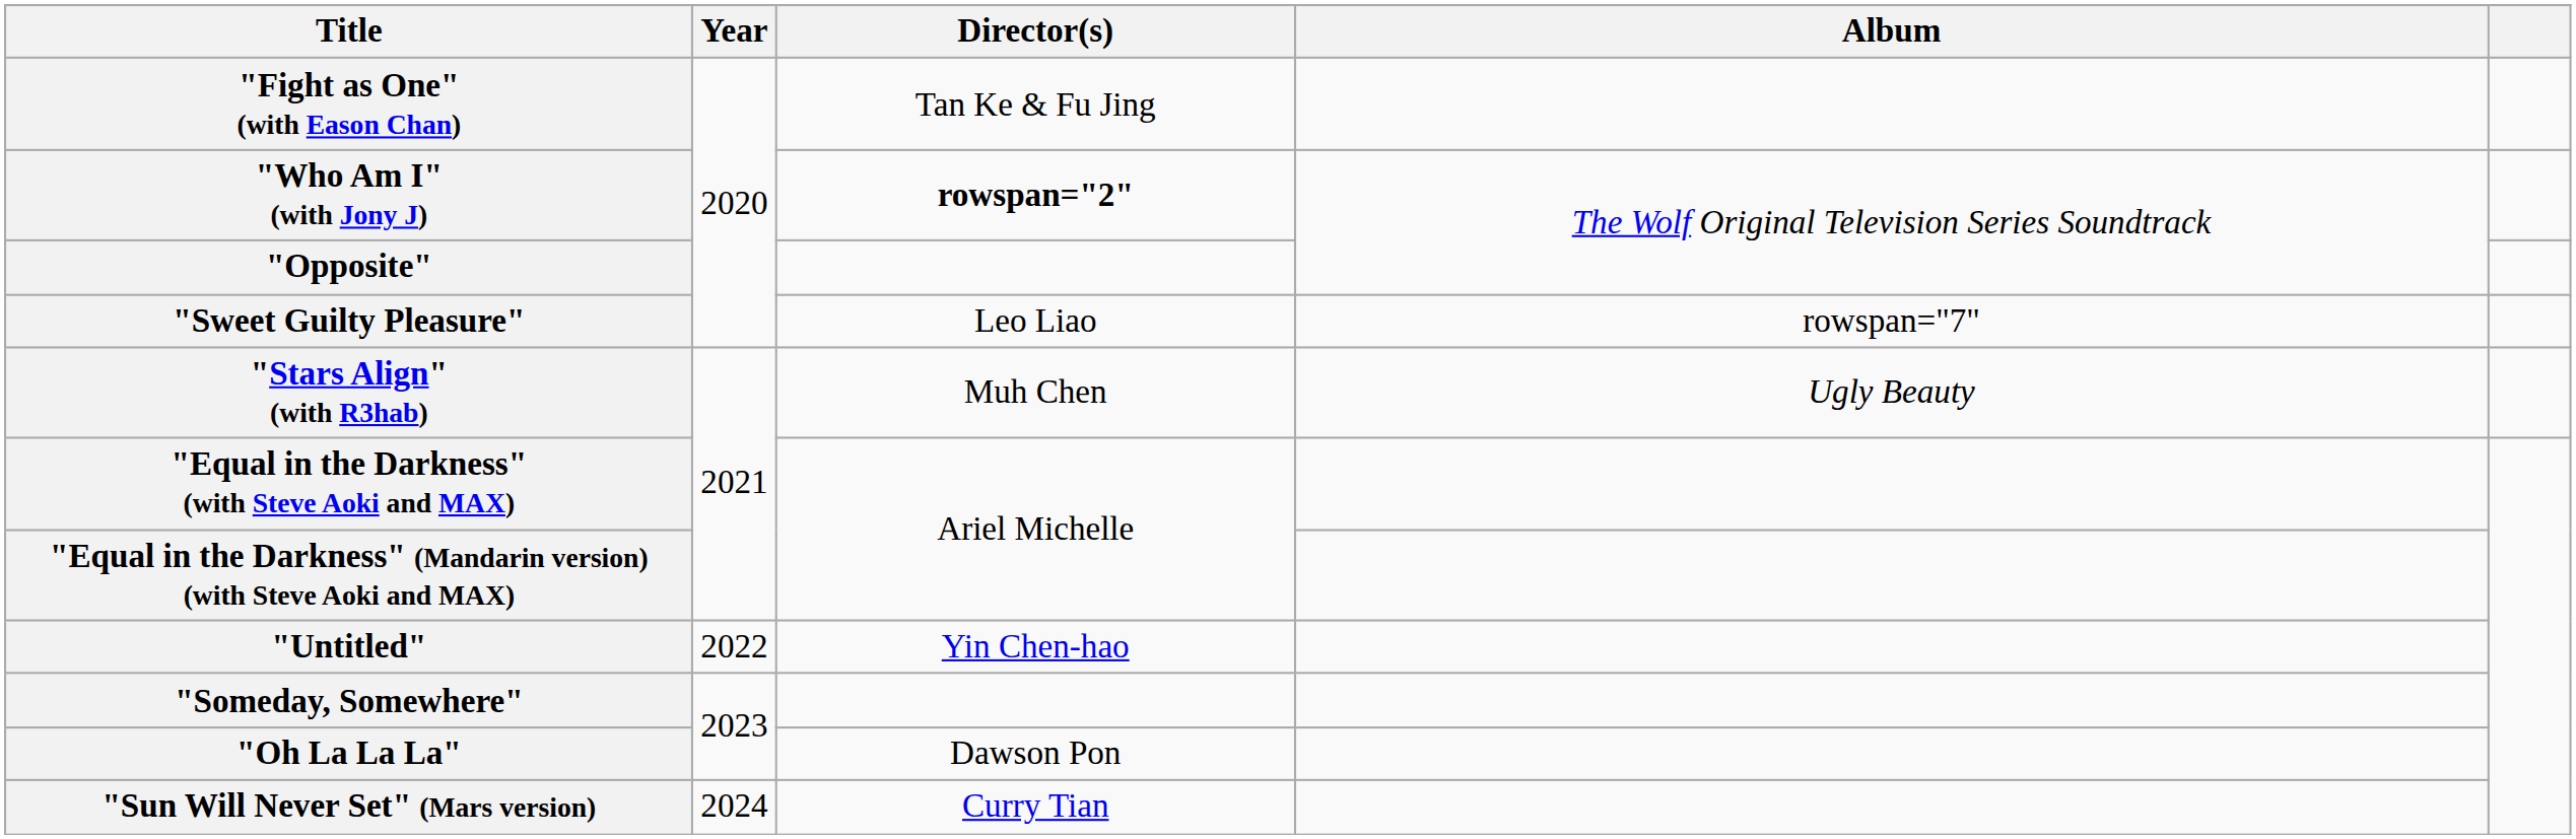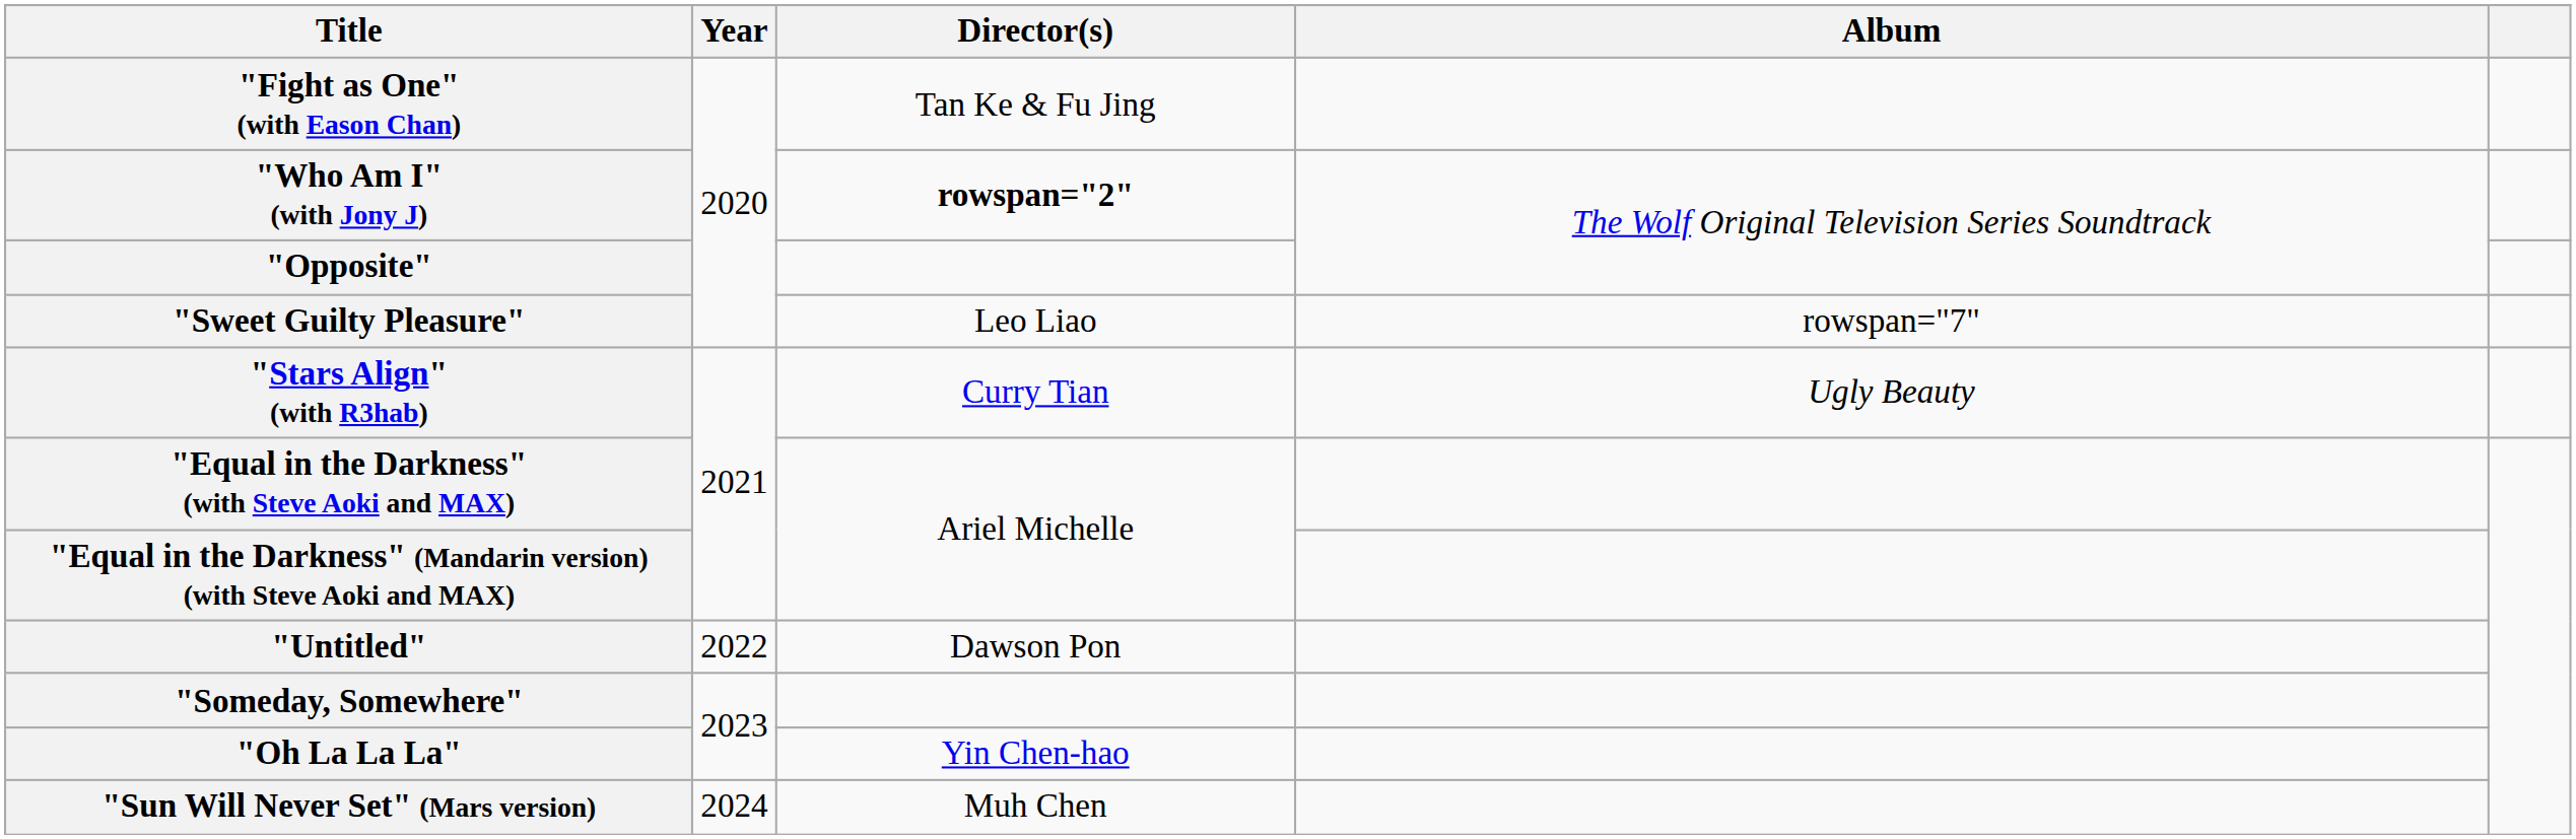 <table class="wikitable sortable plainrowheaders" style="text-align:center;">
 <tr>
 <th scope="col" style="width:20em;">Title</th>
 <th scope="col" style="width:2em;">Year</th>
 <th scope="col" style="width:15em;">Director(s)</th>
 <th scope="col" style="width:35em;">Album</th>
 <th scope="col" style="width:2em;" class="unsortable"></th>
 </tr>
 <tr>
 <th scope="row">"Fight as One"<br><small>(with <a href='#'>Eason Chan</a>)</small></th>
 <td rowspan="4">2020</td>
 <td>Tan Ke & Fu Jing</td>
 <td></td>
 <td></td>
 </tr>
 <tr>
 <th scope="row">"Who Am I"<br><small>(with <a href='#'>Jony J</a>)</small></th>
 <td><strong>rowspan="2" </strong></td>
 <td rowspan="2"><em><a href='#'>The Wolf</a> Original Television Series Soundtrack</em></td>
 <td></td>
 </tr>
 <tr>
 <th scope="row">"Opposite"</th>
 <td></td>
 </tr>
 <tr>
 <th scope="row">"Sweet Guilty Pleasure"</th>
 <td>Leo Liao</td>
 <td>rowspan="7" </td>
 <td></td>
 </tr>
 <tr>
 <th scope="row">"<a href='#'>Stars Align</a>"<br><small>(with <a href='#'>R3hab</a>)</small></th>
 <td rowspan="3">2021</td>
-<td>Muh Chen</td>
+<td><a href='#'>Curry Tian</a></td>
 <td><em>Ugly Beauty</em></td>
 <td></td>
 </tr>
 <tr>
 <th scope="row">"Equal in the Darkness"<br><small>(with <a href='#'>Steve Aoki</a> and <a href='#'>MAX</a>)</small></th>
 <td rowspan="2">Ariel Michelle</td>
 <td></td>
 </tr>
 <tr>
 <th scope="row">"Equal in the Darkness" <small>(Mandarin version)</small><br><small>(with Steve Aoki and MAX)</small></th>
 <td></td>
 </tr>
 <tr>
 <th scope="row">"Untitled"</th>
 <td>2022</td>
-<td><a href='#'>Yin Chen-hao</a></td>
+<td>Dawson Pon</td>
 <td></td>
 </tr>
 <tr>
 <th scope="row">"Someday, Somewhere"</th>
 <td rowspan="2">2023</td>
 <td></td>
 <td></td>
 </tr>
 <tr>
 <th scope="row">"Oh La La La"</th>
-<td>Dawson Pon</td>
+<td><a href='#'>Yin Chen-hao</a></td>
 <td></td>
 </tr>
 <tr>
 <th scope="row">"Sun Will Never Set" <small>(Mars version)</small></th>
 <td>2024</td>
-<td><a href='#'>Curry Tian</a></td>
+<td>Muh Chen</td>
 <td></td>
 </tr>
 </table>
